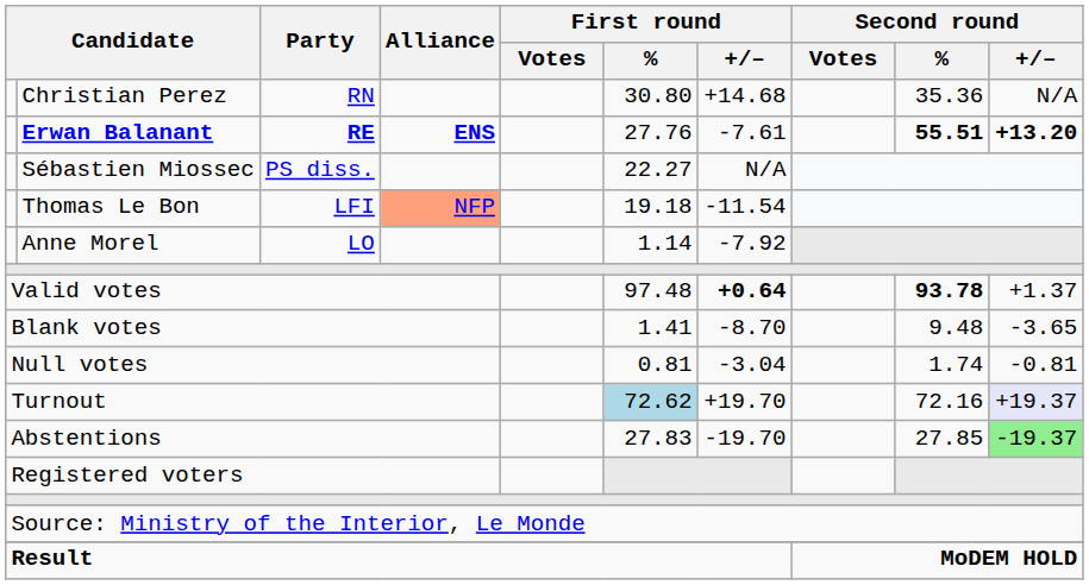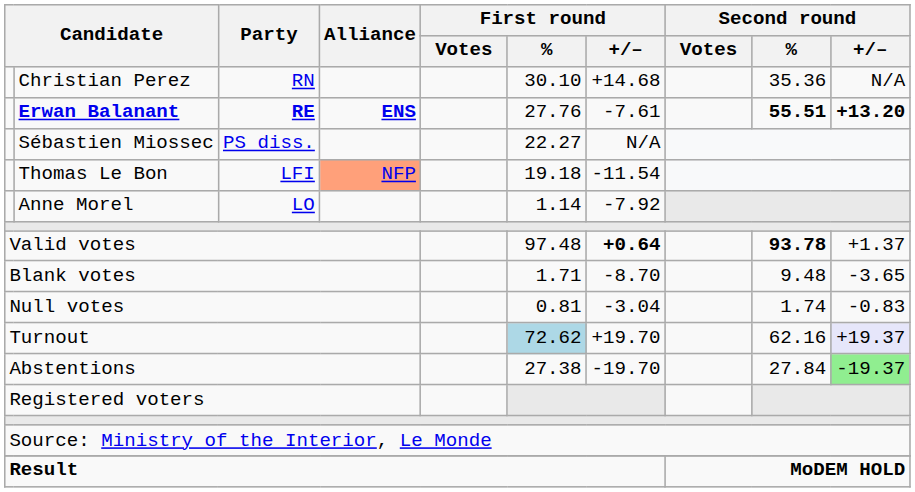 <table class="wikitable" style="text-align:right;font-size:95%;">
 <tr>
 <th rowspan="2" colspan="2">Candidate</th>
 <th rowspan="2">Party</th>
 <th rowspan="2">Alliance</th>
 <th colspan="3">First round</th>
 <th colspan="3">Second round</th>
 </tr>
 <tr>
 <th style="width:50px;">Votes</th>
 <th style="width:45px;">%</th>
 <th style="width:45px;">+/–</th>
 <th style="width:50px;">Votes</th>
 <th style="width:45px;">%</th>
 <th style="width:45px;">+/–</th>
 </tr>
 <tr>
 <td style="color:inherit;background:"></td>
 <td style="text-align:left;">Christian Perez</td>
 <td><a href='#'>RN</a></td>
 <td></td>
 <td></td>
-<td>30.80</td>
+<td>30.10</td>
 <td>+14.68</td>
 <td></td>
 <td>35.36</td>
 <td>N/A</td>
 </tr>
 <tr>
 <td style="color:inherit;background:"></td>
 <td style="text-align:left;"><strong><a href='#'>Erwan Balanant</a></strong></td>
 <td><a href='#'><strong>RE</strong></a></td>
 <td><a href='#'><strong>ENS</strong></a></td>
 <td></td>
 <td>27.76</td>
 <td>-7.61</td>
 <td><strong></strong></td>
 <td><strong>55.51</strong></td>
 <td><strong>+13.20</strong></td>
 </tr>
 <tr>
 <td style="color:inherit;background:"></td>
 <td style="text-align:left;">Sébastien Miossec</td>
 <td><a href='#'>PS diss.</a></td>
 <td></td>
 <td></td>
 <td>22.27</td>
 <td>N/A</td>
 <td colspan="3" style="background:#F8F9FA;"></td>
 </tr>
 <tr>
 <td style="color:inherit;background:"></td>
 <td style="text-align:left;">Thomas Le Bon</td>
 <td><a href='#'>LFI</a></td>
 <td style="background: lightsalmon;"><a href='#'>NFP</a></td>
 <td></td>
 <td>19.18</td>
 <td>-11.54</td>
 <td colspan="3" style="background:#F8F9FA;"></td>
 </tr>
 <tr>
 <td style="color:inherit;background:"></td>
 <td style="text-align:left;">Anne Morel</td>
 <td><a href='#'>LO</a></td>
 <td></td>
 <td></td>
 <td>1.14</td>
 <td>-7.92</td>
 <td colspan="3" style="background:#E9E9E9;"></td>
 </tr>
 <tr>
 <td colspan="10" style="background:#E9E9E9;"></td>
 </tr>
 <tr>
 <td colspan="4" style="text-align:left;">Valid votes</td>
 <td></td>
 <td>97.48</td>
 <td><strong>+0.64</strong></td>
 <td></td>
 <td><strong>93.78</strong></td>
 <td>+1.37</td>
 </tr>
 <tr>
 <td colspan="4" style="text-align:left;">Blank votes</td>
 <td></td>
-<td>1.41</td>
+<td>1.71</td>
 <td>-8.70</td>
 <td></td>
 <td>9.48</td>
 <td>-3.65</td>
 </tr>
 <tr>
 <td colspan="4" style="text-align:left;">Null votes</td>
 <td></td>
 <td>0.81</td>
 <td>-3.04</td>
 <td></td>
 <td>1.74</td>
-<td>-0.81</td>
+<td>-0.83</td>
 </tr>
 <tr>
 <td colspan="4" style="text-align:left;">Turnout</td>
 <td></td>
 <td style="background: lightblue;">72.62</td>
 <td>+19.70</td>
 <td></td>
-<td>72.16</td>
+<td>62.16</td>
 <td style="background: lavender;">+19.37</td>
 </tr>
 <tr>
 <td colspan="4" style="text-align:left;">Abstentions</td>
 <td></td>
-<td>27.83</td>
+<td>27.38</td>
 <td>-19.70</td>
 <td></td>
-<td>27.85</td>
+<td>27.84</td>
 <td style="background: lightgreen;">-19.37</td>
 </tr>
 <tr>
 <td colspan="4" style="text-align:left;">Registered voters</td>
 <td></td>
 <td colspan="2" style="background:#E9E9E9;"></td>
 <td></td>
 <td colspan="2" style="background:#E9E9E9;"></td>
 </tr>
 <tr>
 <td colspan="10" style="background:#E9E9E9;"></td>
 </tr>
 <tr>
 <td colspan="10" style="text-align:left;">Source: <a href='#'>Ministry of the Interior</a>, <a href='#'>Le Monde</a></td>
 </tr>
 <tr>
 </tr>
 <tr style="font-weight:bold">
 <td colspan="7" style="text-align:left;">Result</td>
 <td colspan="7" style="background-color:">MoDEM HOLD</td>
 </tr>
 </table>
